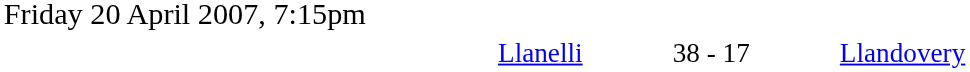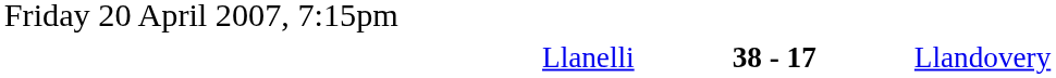 <table style="width:70%;" cellspacing="1">
 <tr>
 <th width=35%></th>
 <th width=15%></th>
 <th></th>
 </tr>
 <tr>
 <td>Friday 20 April 2007, 7:15pm</td>
 </tr>
 <tr style=font-size:90%>
 <td align=right><a href='#'>Llanelli</a></td>
-<td align=center>38 - 17</td>
+<td align=center><strong>38 - 17</strong></td>
 <td><a href='#'>Llandovery</a></td>
 </tr>
 </table>
